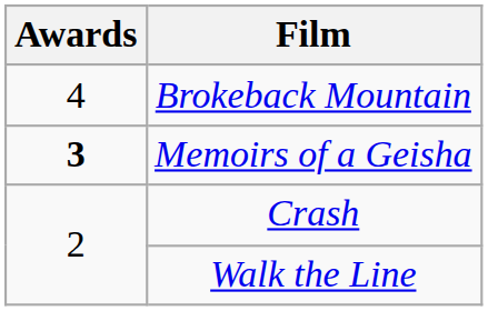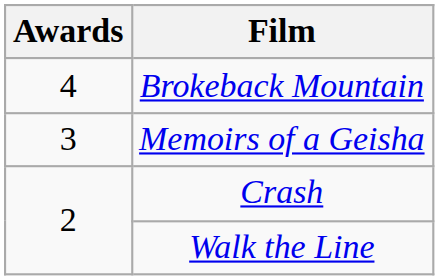 <table class="wikitable" style="text-align:center;">
 <tr>
 <th style="background:">Awards</th>
 <th style="background:">Film</th>
 </tr>
 <tr>
 <td>4</td>
 <td><em><a href='#'>Brokeback Mountain</a></em></td>
 </tr>
 <tr>
-<td><strong>3</strong></td>
+<td>3</td>
 <td><em><a href='#'>Memoirs of a Geisha</a></em></td>
 </tr>
 <tr>
 <td rowspan="2">2</td>
 <td><em><a href='#'>Crash</a></em></td>
 </tr>
 <tr>
 <td><em><a href='#'>Walk the Line</a></em></td>
 </tr>
 </table>
